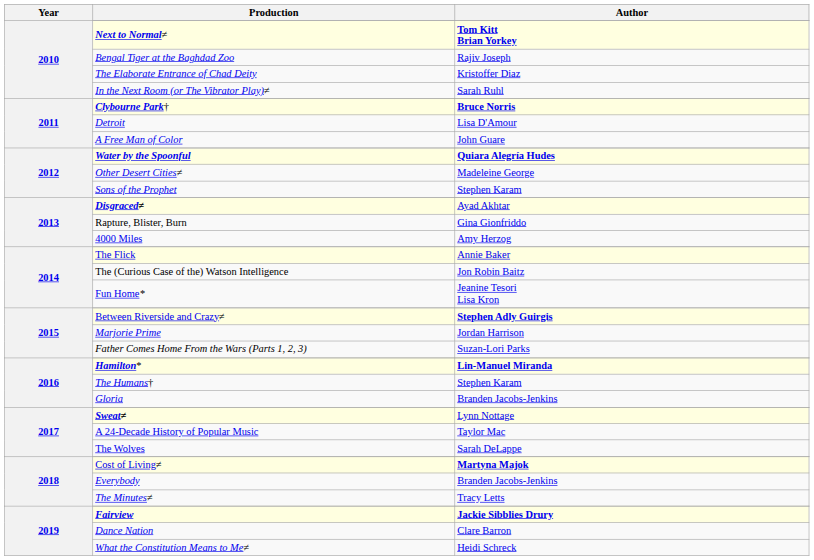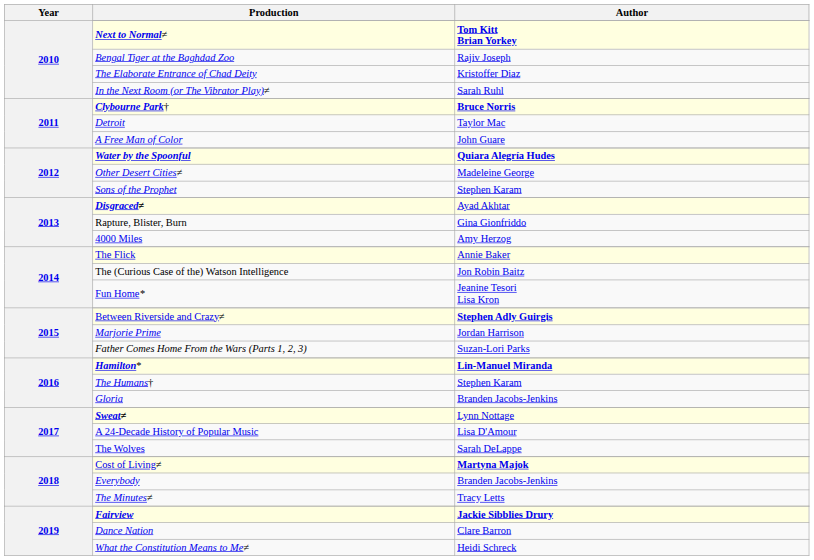 <table class="wikitable" style="width:98%">
 <tr style="background:#bebebe;">
 <th style="width:11%;">Year</th>
 <th style="width:45%;">Production</th>
 <th style="width:44%;">Author</th>
 </tr>
 <tr>
 <th rowspan="5" style="text-align:center"><strong><a href='#'>2010</a></strong></th>
 </tr>
 <tr style="background-color:lightyellow;">
 <td><strong><em><a href='#'>Next to Normal</a></em></strong>≠</td>
 <td><strong><a href='#'>Tom Kitt</a> <br> <a href='#'>Brian Yorkey</a></strong></td>
 </tr>
 <tr>
 <td><em><a href='#'>Bengal Tiger at the Baghdad Zoo</a></em></td>
 <td><a href='#'>Rajiv Joseph</a></td>
 </tr>
 <tr>
 <td><em><a href='#'>The Elaborate Entrance of Chad Deity</a></em></td>
 <td><a href='#'>Kristoffer Diaz</a></td>
 </tr>
 <tr>
 <td><em><a href='#'>In the Next Room (or The Vibrator Play)</a>≠</em></td>
 <td><a href='#'>Sarah Ruhl</a></td>
 </tr>
 <tr>
 <th rowspan="4" style="text-align:center"><strong><a href='#'>2011</a></strong></th>
 </tr>
 <tr style="background-color:lightyellow;">
 <td><strong><em><a href='#'>Clybourne Park</a></em></strong>†</td>
 <td><strong><a href='#'>Bruce Norris</a></strong></td>
 </tr>
 <tr>
 <td><em><a href='#'>Detroit</a></em></td>
-<td><a href='#'>Lisa D'Amour</a></td>
+<td><a href='#'>Taylor Mac</a></td>
 </tr>
 <tr>
 <td><em><a href='#'>A Free Man of Color</a></em></td>
 <td><a href='#'>John Guare</a></td>
 </tr>
 <tr>
 <th rowspan="4" style="text-align:center"><strong><a href='#'>2012</a></strong></th>
 </tr>
 <tr style="background-color:lightyellow;">
 <td><strong><em><a href='#'>Water by the Spoonful</a></em></strong></td>
 <td><strong><a href='#'>Quiara Alegría Hudes</a></strong></td>
 </tr>
 <tr>
 <td><em><a href='#'>Other Desert Cities</a>≠</em></td>
 <td><a href='#'>Madeleine George</a></td>
 </tr>
 <tr>
 <td><em><a href='#'>Sons of the Prophet</a></em></td>
 <td><a href='#'>Stephen Karam</a></td>
 </tr>
 <tr>
 <th rowspan="4" style="text-align:center"><strong><a href='#'>2013</a></strong></th>
 </tr>
 <tr style="background-color:lightyellow;">
 <td><strong><em><a href='#'>Disgraced</a><strong>≠<em></td>
 <td></strong><a href='#'>Ayad Akhtar</a><strong></td>
 </tr>
 <tr>
 <td></em>Rapture, Blister, Burn<em></td>
 <td><a href='#'>Gina Gionfriddo</a></td>
 </tr>
 <tr>
 <td></em><a href='#'>4000 Miles</a><em></td>
 <td><a href='#'>Amy Herzog</a></td>
 </tr>
 <tr>
 <th rowspan="4" style="text-align:center"></strong><a href='#'>2014</a><strong></th>
 </tr>
 <tr style="background-color:lightyellow;">
 <td></em></strong><a href='#'>The Flick</a><strong><em></td>
 <td></strong><a href='#'>Annie Baker</a><strong></td>
 </tr>
 <tr>
 <td></em>The (Curious Case of the) Watson Intelligence<em></td>
 <td><a href='#'>Jon Robin Baitz</a></td>
 </tr>
 <tr>
 <td></em><a href='#'>Fun Home</a><em>*</td>
 <td><a href='#'>Jeanine Tesori</a> <br> <a href='#'>Lisa Kron</a></td>
 </tr>
 <tr>
 <th rowspan="4" style="text-align:center"></strong><a href='#'>2015</a><strong></th>
 </tr>
 <tr style="background-color:lightyellow;">
 <td></em></strong><a href='#'>Between Riverside and Crazy</a></strong>≠</em></td>
 <td><strong><a href='#'>Stephen Adly Guirgis</a></strong></td>
 </tr>
 <tr>
 <td><em><a href='#'>Marjorie Prime</a></em></td>
 <td><a href='#'>Jordan Harrison</a></td>
 </tr>
 <tr>
 <td><em>Father Comes Home From the Wars (Parts 1, 2, 3)</em></td>
 <td><a href='#'>Suzan-Lori Parks</a></td>
 </tr>
 <tr>
 <th rowspan="4" style="text-align:center"><strong><a href='#'>2016</a></strong></th>
 </tr>
 <tr style="background-color:lightyellow;">
 <td><strong><em><a href='#'>Hamilton</a></em></strong>*</td>
 <td><strong><a href='#'>Lin-Manuel Miranda</a></strong></td>
 </tr>
 <tr>
 <td><em><a href='#'>The Humans</a></em>†</td>
 <td><a href='#'>Stephen Karam</a></td>
 </tr>
 <tr>
 <td><em><a href='#'>Gloria</a></em></td>
 <td><a href='#'>Branden Jacobs-Jenkins</a></td>
 </tr>
 <tr>
 <th rowspan="4" style="text-align:center"><strong><a href='#'>2017</a></strong></th>
 </tr>
 <tr style="background-color:lightyellow;">
 <td><strong><em><a href='#'>Sweat</a><strong>≠<em></td>
 <td></strong><a href='#'>Lynn Nottage</a><strong></td>
 </tr>
 <tr>
 <td></em><a href='#'>A 24-Decade History of Popular Music</a><em></td>
-<td><a href='#'>Taylor Mac</a></td>
+<td><a href='#'>Lisa D'Amour</a></td>
 </tr>
 <tr>
 <td></em><a href='#'>The Wolves</a><em></td>
 <td><a href='#'>Sarah DeLappe</a></td>
 </tr>
 <tr>
 <th rowspan="4" style="text-align:center"></strong><a href='#'>2018</a><strong></th>
 </tr>
 <tr style="background-color:lightyellow;">
 <td></em></strong><a href='#'>Cost of Living</a></strong>≠</em></td>
 <td><strong><a href='#'>Martyna Majok</a></strong></td>
 </tr>
 <tr>
 <td><em><a href='#'>Everybody</a></em></td>
 <td><a href='#'>Branden Jacobs-Jenkins</a></td>
 </tr>
 <tr>
 <td><em><a href='#'>The Minutes</a>≠</em></td>
 <td><a href='#'>Tracy Letts</a></td>
 </tr>
 <tr>
 <th rowspan="4" style="text-align:center"><strong><a href='#'>2019</a></strong></th>
 </tr>
 <tr style="background-color:lightyellow;">
 <td><strong><em><a href='#'>Fairview</a></em></strong></td>
 <td><strong><a href='#'>Jackie Sibblies Drury</a></strong></td>
 </tr>
 <tr>
 <td><em><a href='#'>Dance Nation</a></em></td>
 <td><a href='#'>Clare Barron</a></td>
 </tr>
 <tr>
 <td><em><a href='#'>What the Constitution Means to Me</a>≠</em></td>
 <td><a href='#'>Heidi Schreck</a></td>
 </tr>
 </table>
